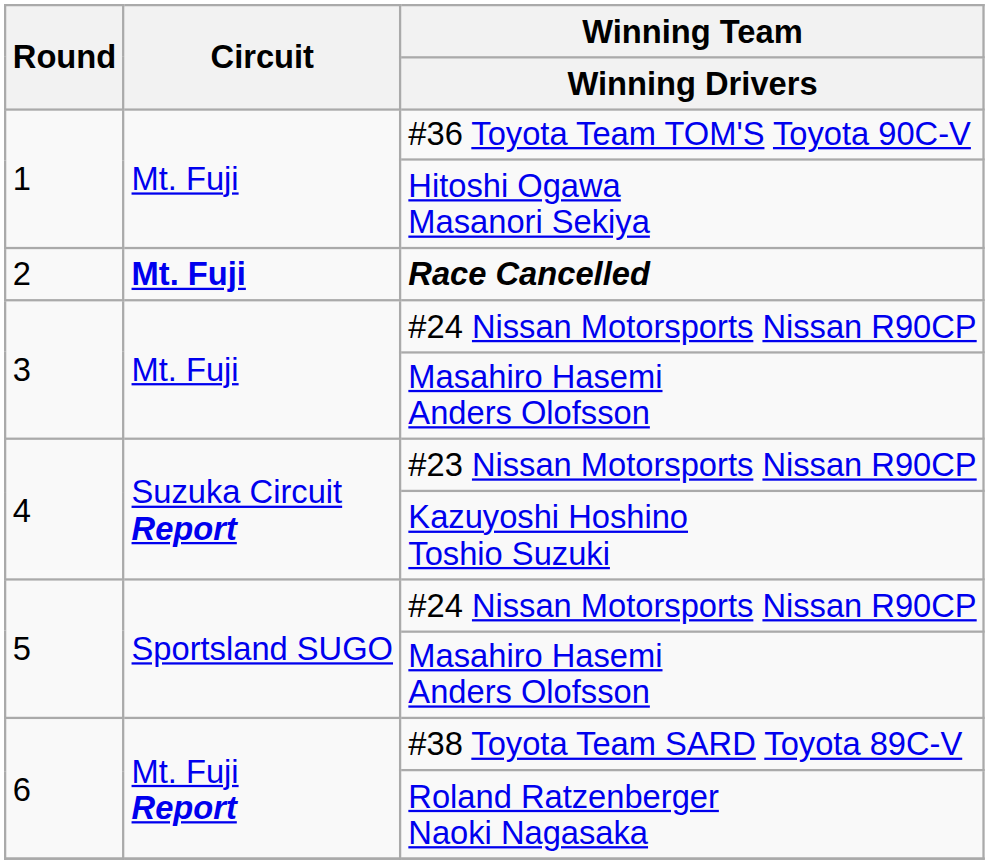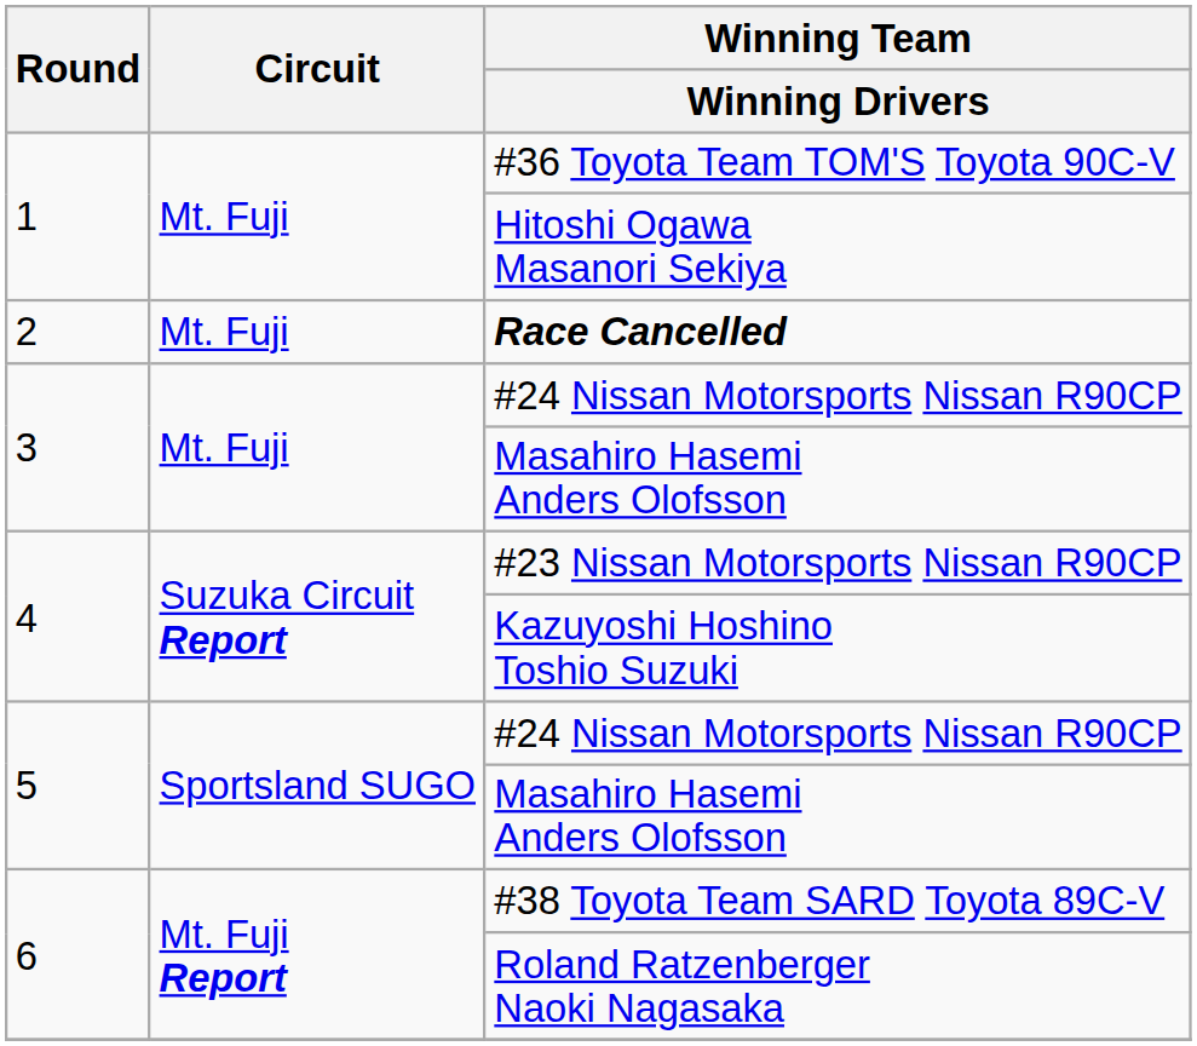 <table class="wikitable" style="font-size: 90%;">
 <tr>
 <th rowspan=2>Round</th>
 <th rowspan=2>Circuit</th>
 <th>Winning Team</th>
 </tr>
 <tr>
 <th>Winning Drivers</th>
 </tr>
 <tr>
 <td rowspan=2>1</td>
 <td rowspan=2><a href='#'>Mt. Fuji</a></td>
 <td>#36 <a href='#'>Toyota Team TOM'S</a> <a href='#'>Toyota 90C-V</a></td>
 </tr>
 <tr>
 <td> <a href='#'>Hitoshi Ogawa</a><br> <a href='#'>Masanori Sekiya</a></td>
 </tr>
 <tr>
 <td>2</td>
-<td><strong><a href='#'>Mt. Fuji</a></strong></td>
+<td><a href='#'>Mt. Fuji</a></td>
 <td><strong><em>Race Cancelled</em></strong></td>
 </tr>
 <tr>
 <td rowspan=2>3</td>
 <td rowspan=2><a href='#'>Mt. Fuji</a></td>
 <td>#24 <a href='#'>Nissan Motorsports</a> <a href='#'>Nissan R90CP</a></td>
 </tr>
 <tr>
 <td> <a href='#'>Masahiro Hasemi</a><br> <a href='#'>Anders Olofsson</a></td>
 </tr>
 <tr>
 <td rowspan=2>4</td>
 <td rowspan=2><a href='#'>Suzuka Circuit</a><br><strong><em><a href='#'>Report</a></em></strong></td>
 <td>#23 <a href='#'>Nissan Motorsports</a> <a href='#'>Nissan R90CP</a></td>
 </tr>
 <tr>
 <td> <a href='#'>Kazuyoshi Hoshino</a><br> <a href='#'>Toshio Suzuki</a></td>
 </tr>
 <tr>
 <td rowspan=2>5</td>
 <td rowspan=2><a href='#'>Sportsland SUGO</a></td>
 <td>#24 <a href='#'>Nissan Motorsports</a> <a href='#'>Nissan R90CP</a></td>
 </tr>
 <tr>
 <td> <a href='#'>Masahiro Hasemi</a><br> <a href='#'>Anders Olofsson</a></td>
 </tr>
 <tr>
 <td rowspan=2>6</td>
 <td rowspan=2><a href='#'>Mt. Fuji</a><br><strong><em><a href='#'>Report</a></em></strong></td>
 <td>#38 <a href='#'>Toyota Team SARD</a> <a href='#'>Toyota 89C-V</a></td>
 </tr>
 <tr>
 <td> <a href='#'>Roland Ratzenberger</a><br> <a href='#'>Naoki Nagasaka</a></td>
 </tr>
 <tr>
 </tr>
 </table>
